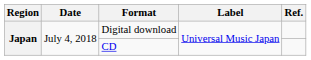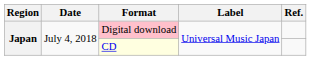 <table class="wikitable plainrowheaders">
 <tr>
 <th scope="col">Region</th>
 <th scope="col">Date</th>
 <th scope="col">Format</th>
 <th scope="col">Label</th>
 <th scope="col">Ref.</th>
 </tr>
 <tr>
 <th rowspan="2" scope="row">Japan</th>
 <td rowspan="2">July 4, 2018</td>
-<td>Digital download</td>
+<td style="background: pink;">Digital download</td>
 <td rowspan="2"><a href='#'>Universal Music Japan</a></td>
 <td align="center"></td>
 </tr>
 <tr>
-<td><a href='#'>CD</a></td>
+<td style="background: lightyellow;"><a href='#'>CD</a></td>
 <td align="center"></td>
 </tr>
 </table>
